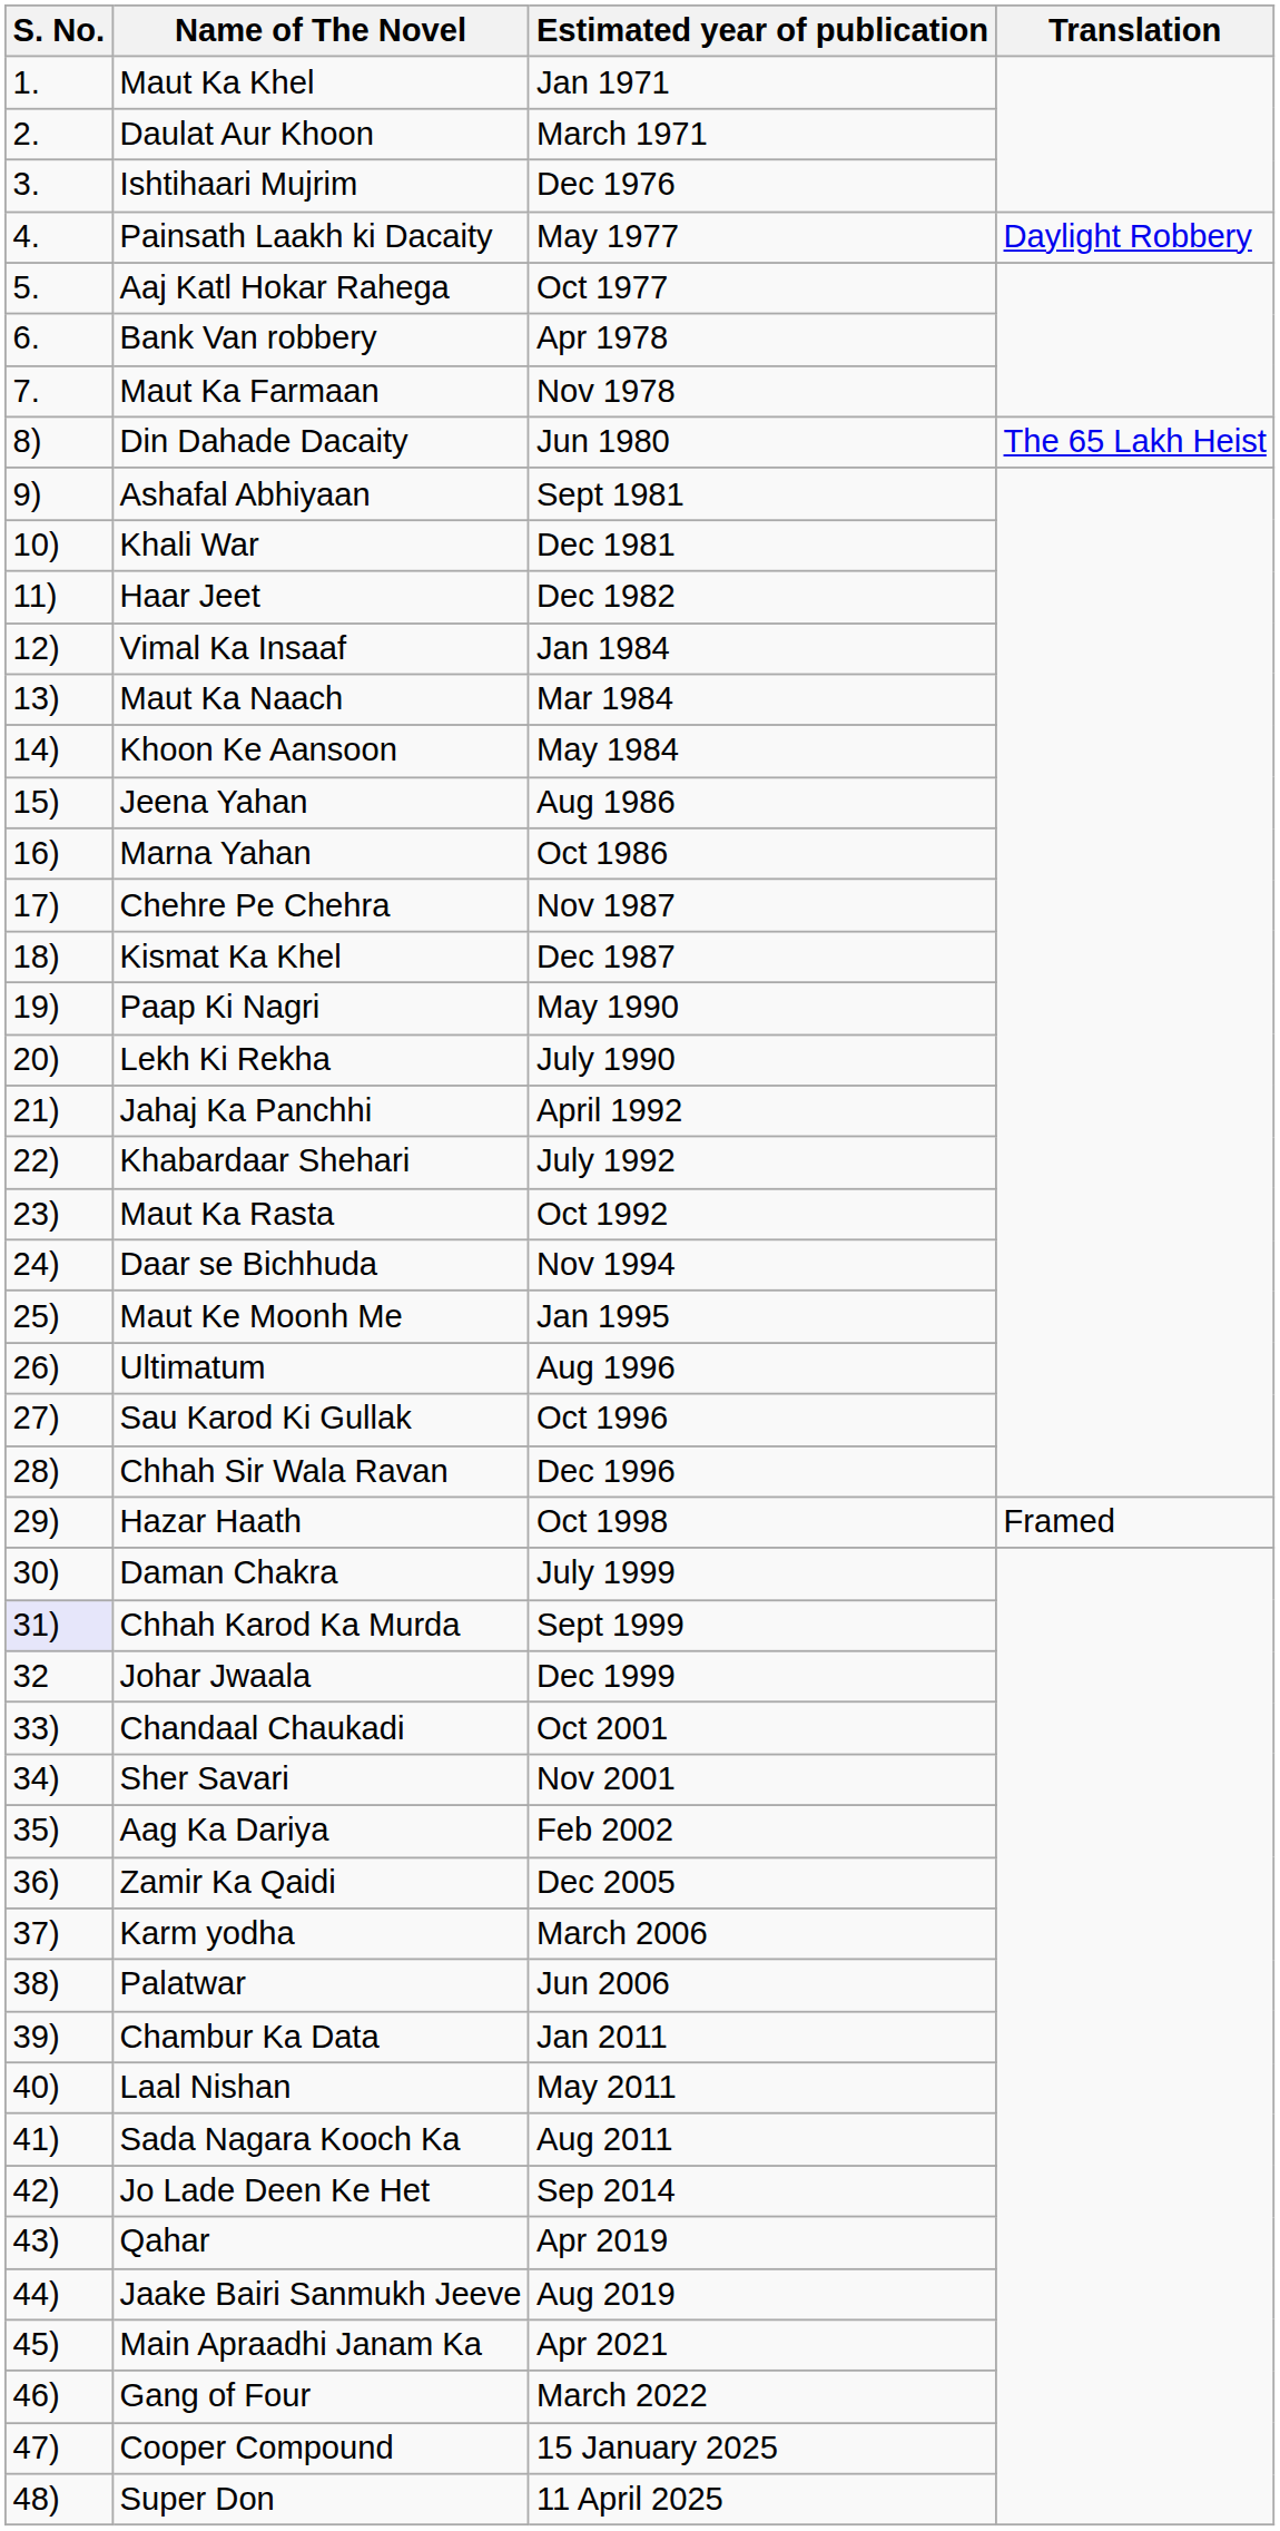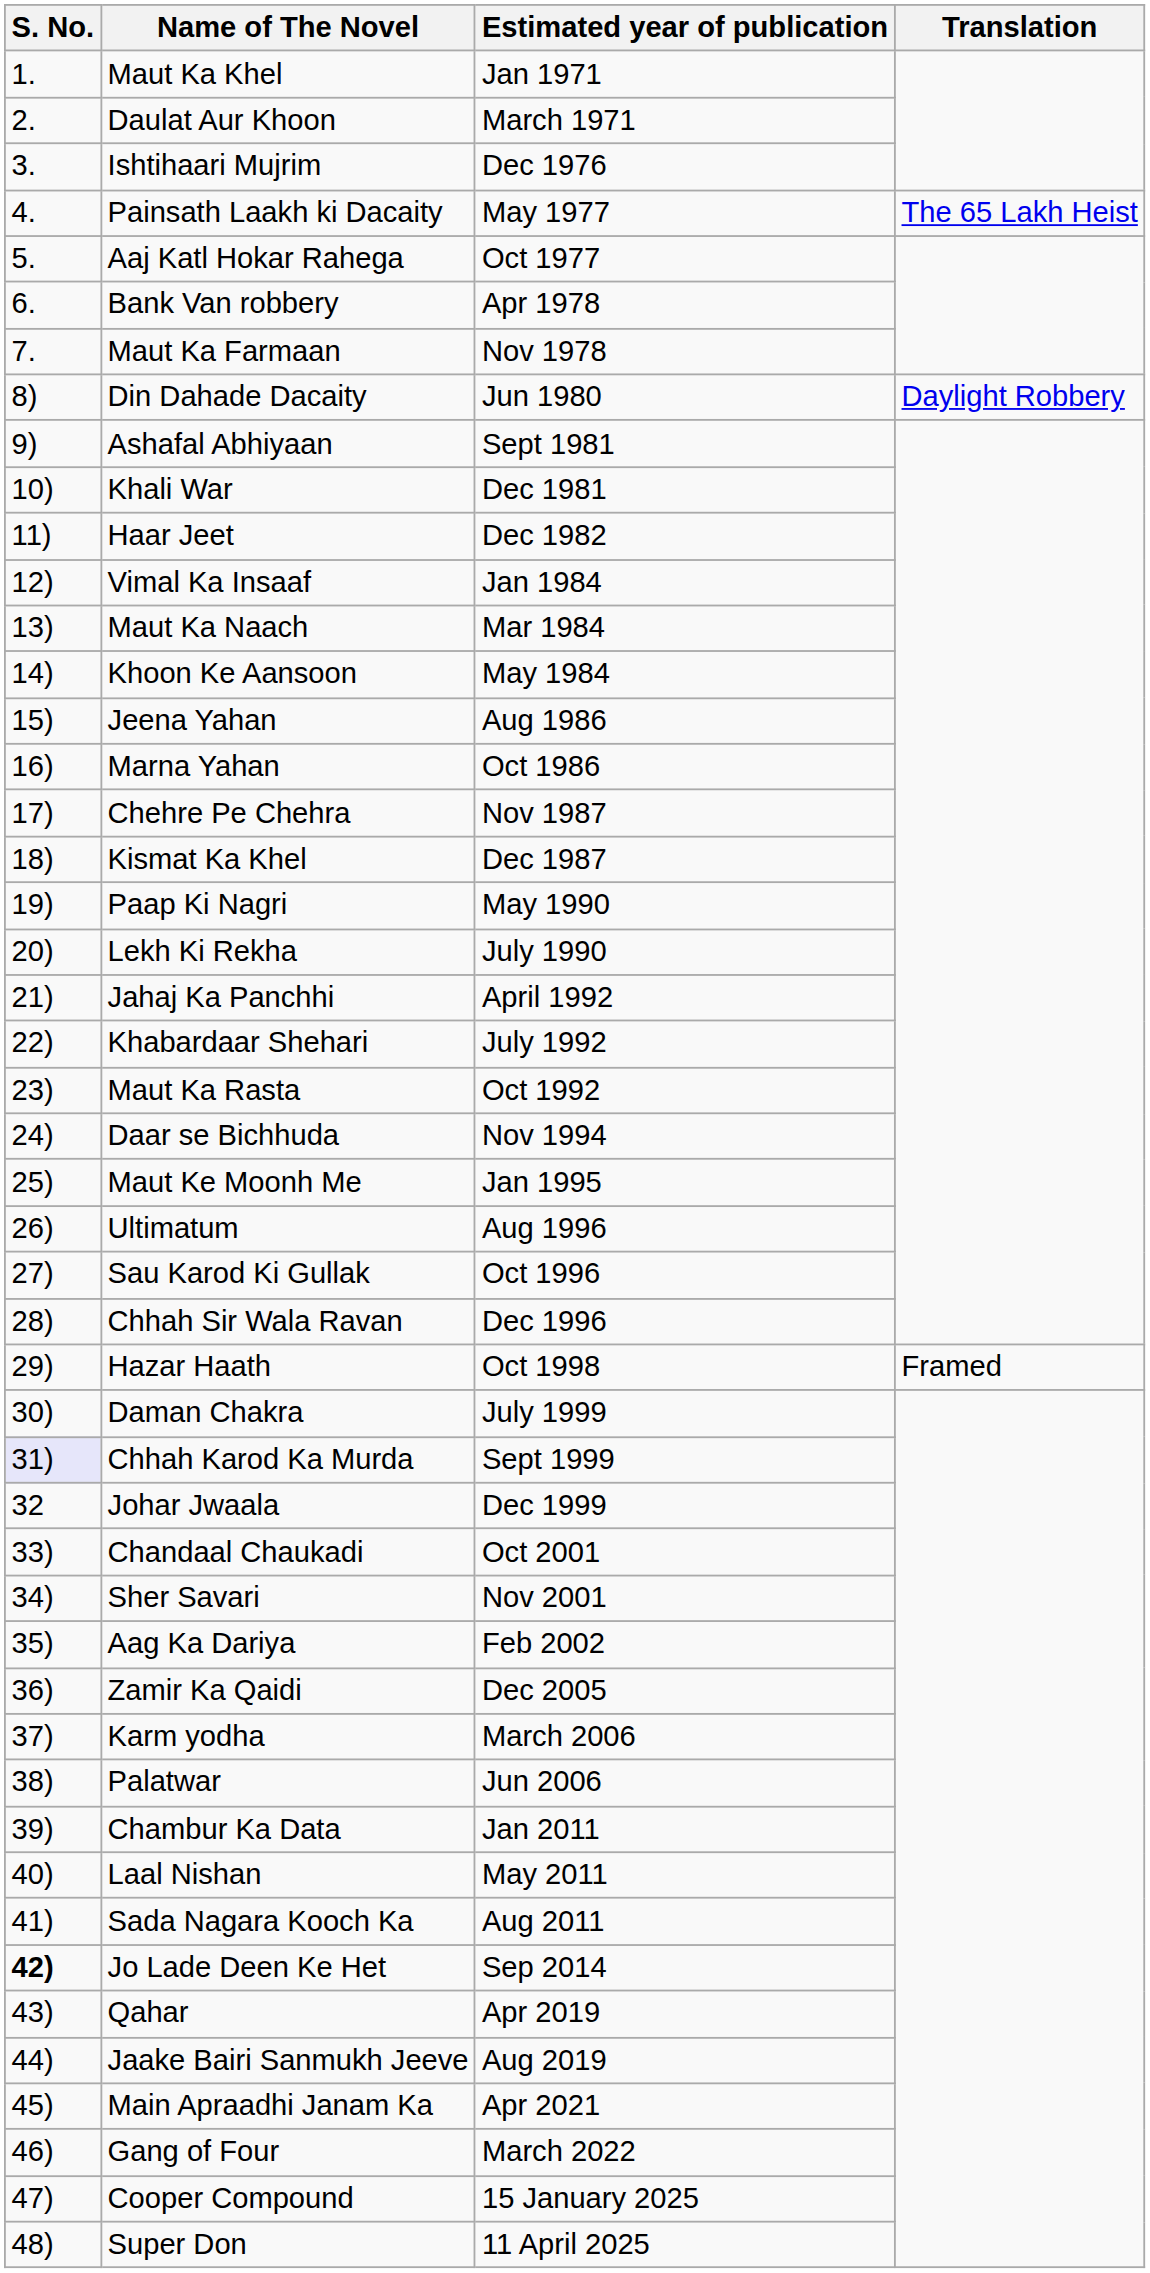 <table class="wikitable">
 <tr>
 <th>S. No.</th>
 <th>Name of The Novel</th>
 <th>Estimated year of publication</th>
 <th>Translation</th>
 </tr>
 <tr>
 <td>1.</td>
 <td>Maut Ka Khel</td>
 <td>Jan 1971</td>
 </tr>
 <tr>
 <td>2.</td>
 <td>Daulat Aur Khoon</td>
 <td>March 1971</td>
 </tr>
 <tr>
 <td>3.</td>
 <td>Ishtihaari Mujrim</td>
 <td>Dec 1976</td>
 </tr>
 <tr>
 <td>4.</td>
 <td>Painsath Laakh ki Dacaity</td>
 <td>May 1977</td>
-<td><a href='#'>Daylight Robbery</a></td>
+<td><a href='#'>The 65 Lakh Heist</a></td>
 </tr>
 <tr>
 <td>5.</td>
 <td>Aaj Katl Hokar Rahega</td>
 <td>Oct 1977</td>
 </tr>
 <tr>
 <td>6.</td>
 <td>Bank Van robbery</td>
 <td>Apr 1978</td>
 </tr>
 <tr>
 <td>7.</td>
 <td>Maut Ka Farmaan</td>
 <td>Nov 1978</td>
 </tr>
 <tr>
 <td>8)</td>
 <td>Din Dahade Dacaity</td>
 <td>Jun 1980</td>
-<td><a href='#'>The 65 Lakh Heist</a></td>
+<td><a href='#'>Daylight Robbery</a></td>
 </tr>
 <tr>
 <td>9)</td>
 <td>Ashafal Abhiyaan</td>
 <td>Sept 1981</td>
 </tr>
 <tr>
 <td>10)</td>
 <td>Khali War</td>
 <td>Dec 1981</td>
 </tr>
 <tr>
 <td>11)</td>
 <td>Haar Jeet</td>
 <td>Dec 1982</td>
 </tr>
 <tr>
 <td>12)</td>
 <td>Vimal Ka Insaaf</td>
 <td>Jan 1984</td>
 </tr>
 <tr>
 <td>13)</td>
 <td>Maut Ka Naach</td>
 <td>Mar 1984</td>
 </tr>
 <tr>
 <td>14)</td>
 <td>Khoon Ke Aansoon</td>
 <td>May 1984</td>
 </tr>
 <tr>
 <td>15)</td>
 <td>Jeena Yahan</td>
 <td>Aug 1986</td>
 </tr>
 <tr>
 <td>16)</td>
 <td>Marna Yahan</td>
 <td>Oct 1986</td>
 </tr>
 <tr>
 <td>17)</td>
 <td>Chehre Pe Chehra</td>
 <td>Nov 1987</td>
 </tr>
 <tr>
 <td>18)</td>
 <td>Kismat Ka Khel</td>
 <td>Dec 1987</td>
 </tr>
 <tr>
 <td>19)</td>
 <td>Paap Ki Nagri</td>
 <td>May 1990</td>
 </tr>
 <tr>
 <td>20)</td>
 <td>Lekh Ki Rekha</td>
 <td>July 1990</td>
 </tr>
 <tr>
 <td>21)</td>
 <td>Jahaj Ka Panchhi</td>
 <td>April 1992</td>
 </tr>
 <tr>
 <td>22)</td>
 <td>Khabardaar Shehari</td>
 <td>July 1992</td>
 </tr>
 <tr>
 <td>23)</td>
 <td>Maut Ka Rasta</td>
 <td>Oct 1992</td>
 </tr>
 <tr>
 <td>24)</td>
 <td>Daar se Bichhuda</td>
 <td>Nov 1994</td>
 </tr>
 <tr>
 <td>25)</td>
 <td>Maut Ke Moonh Me</td>
 <td>Jan 1995</td>
 </tr>
 <tr>
 <td>26)</td>
 <td>Ultimatum</td>
 <td>Aug 1996</td>
 </tr>
 <tr>
 <td>27)</td>
 <td>Sau Karod Ki Gullak</td>
 <td>Oct 1996</td>
 </tr>
 <tr>
 <td>28)</td>
 <td>Chhah Sir Wala Ravan</td>
 <td>Dec 1996</td>
 </tr>
 <tr>
 <td>29)</td>
 <td>Hazar Haath</td>
 <td>Oct 1998</td>
 <td>Framed</td>
 </tr>
 <tr>
 <td>30)</td>
 <td>Daman Chakra</td>
 <td>July 1999</td>
 </tr>
 <tr>
 <td style="background: lavender;">31)</td>
 <td>Chhah Karod Ka Murda</td>
 <td>Sept 1999</td>
 </tr>
 <tr>
 <td>32</td>
 <td>Johar Jwaala</td>
 <td>Dec 1999</td>
 </tr>
 <tr>
 <td>33)</td>
 <td>Chandaal Chaukadi</td>
 <td>Oct 2001</td>
 </tr>
 <tr>
 <td>34)</td>
 <td>Sher Savari</td>
 <td>Nov 2001</td>
 </tr>
 <tr>
 <td>35)</td>
 <td>Aag Ka Dariya</td>
 <td>Feb 2002</td>
 </tr>
 <tr>
 <td>36)</td>
 <td>Zamir Ka Qaidi</td>
 <td>Dec 2005</td>
 </tr>
 <tr>
 <td>37)</td>
 <td>Karm yodha</td>
 <td>March 2006</td>
 </tr>
 <tr>
 <td>38)</td>
 <td>Palatwar</td>
 <td>Jun 2006</td>
 </tr>
 <tr>
 <td>39)</td>
 <td>Chambur Ka Data</td>
 <td>Jan 2011</td>
 </tr>
 <tr>
 <td>40)</td>
 <td>Laal Nishan</td>
 <td>May 2011</td>
 </tr>
 <tr>
 <td>41)</td>
 <td>Sada Nagara Kooch Ka</td>
 <td>Aug 2011</td>
 </tr>
 <tr>
-<td>42)</td>
+<td><strong>42)</strong></td>
 <td>Jo Lade Deen Ke Het</td>
 <td>Sep 2014</td>
 </tr>
 <tr>
 <td>43)</td>
 <td>Qahar</td>
 <td>Apr 2019</td>
 </tr>
 <tr>
 <td>44)</td>
 <td>Jaake Bairi Sanmukh Jeeve</td>
 <td>Aug 2019</td>
 </tr>
 <tr>
 <td>45)</td>
 <td>Main Apraadhi Janam Ka</td>
 <td>Apr 2021</td>
 </tr>
 <tr>
 <td>46)</td>
 <td>Gang of Four</td>
 <td>March 2022</td>
 </tr>
 <tr>
 <td>47)</td>
 <td>Cooper Compound</td>
 <td>15 January 2025</td>
 </tr>
 <tr>
 <td>48)</td>
 <td>Super Don</td>
 <td>11 April 2025</td>
 </tr>
 </table>
